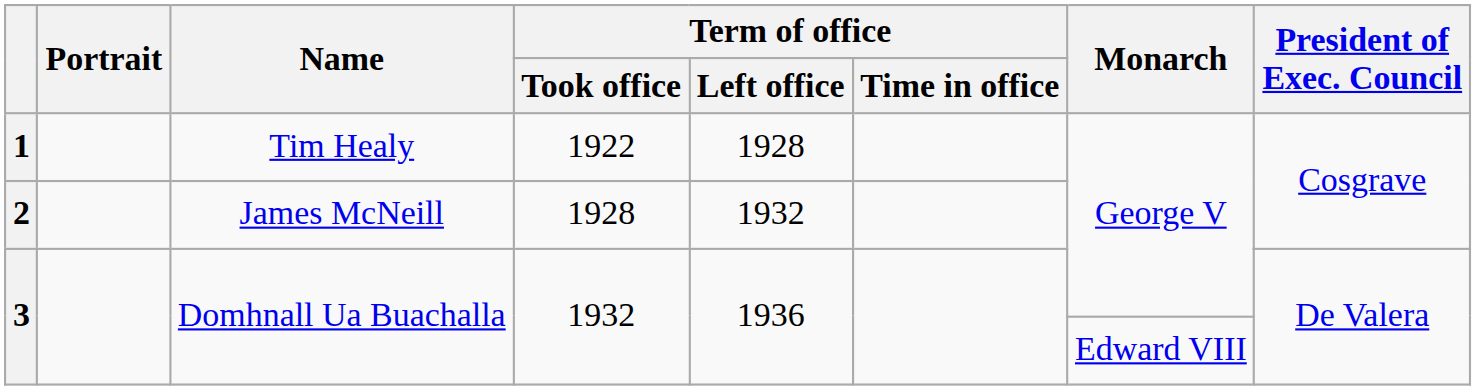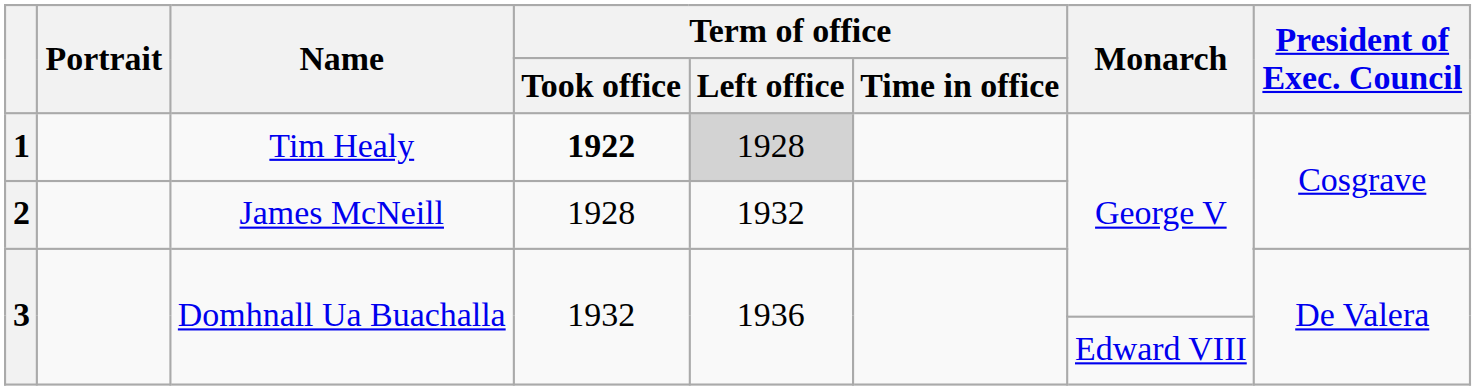 <table class="wikitable" style="text-align:center">
 <tr>
 <th rowspan=2></th>
 <th rowspan=2>Portrait</th>
 <th rowspan=2>Name<br></th>
 <th colspan=3>Term of office</th>
 <th rowspan=2>Monarch</th>
 <th rowspan=2><a href='#'>President of <br> Exec. Council</a></th>
 </tr>
 <tr>
 <th>Took office</th>
 <th>Left office</th>
 <th>Time in office</th>
 </tr>
 <tr style="height:2em">
 <th>1</th>
 <td></td>
 <td><a href='#'>Tim Healy</a><br></td>
-<td> 1922</td>
-<td> 1928</td>
+<td><strong> 1922</strong></td>
+<td style="background: lightgrey;"> 1928</td>
 <td></td>
 <td rowspan=4><a href='#'>George V</a></td>
 <td rowspan=2><a href='#'>Cosgrave</a></td>
 </tr>
 <tr style="height:2em">
 <th rowspan=2>2</th>
 <td rowspan=2></td>
 <td rowspan=2><a href='#'>James McNeill</a><br></td>
 <td rowspan=2> 1928</td>
 <td rowspan=2> 1932</td>
 <td rowspan=2></td>
 </tr>
 <tr>
 <td rowspan=3><a href='#'>De Valera</a></td>
 </tr>
 <tr style="height:2em">
 <th rowspan=2>3</th>
 <td rowspan=2></td>
 <td rowspan=2><a href='#'>Domhnall Ua Buachalla</a><br></td>
 <td rowspan=2> 1932</td>
 <td rowspan=2> 1936</td>
 <td rowspan=2></td>
 </tr>
 <tr style="height:2em">
 <td><a href='#'>Edward VIII</a></td>
 </tr>
 </table>
